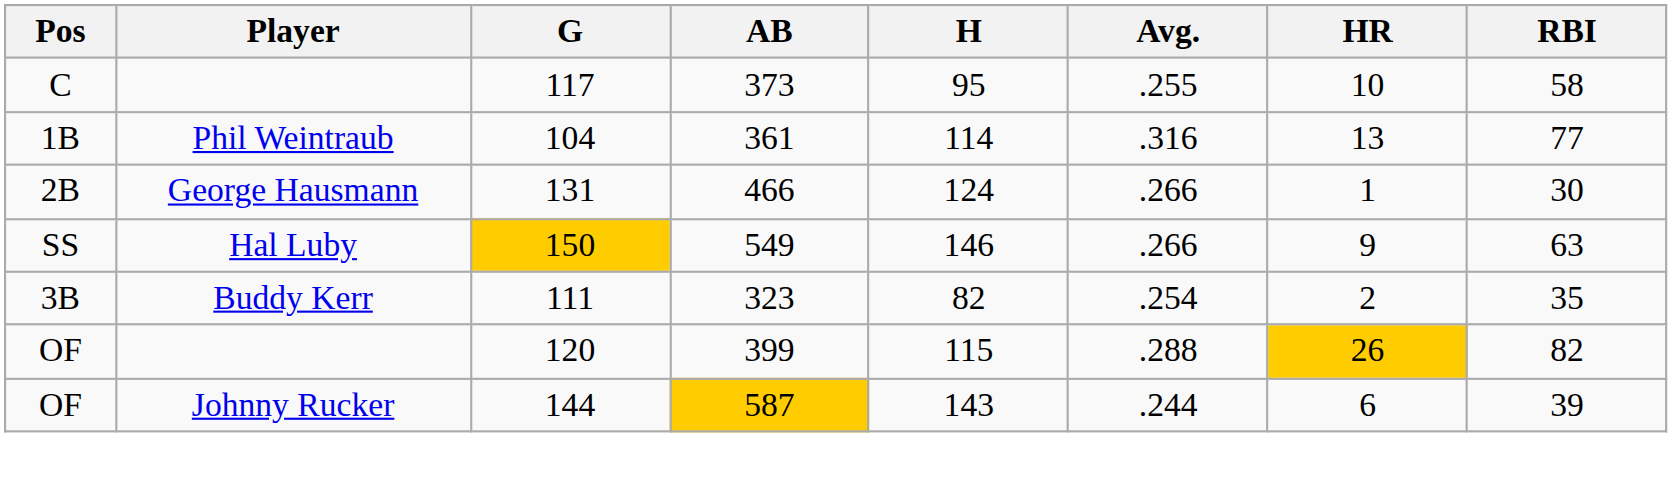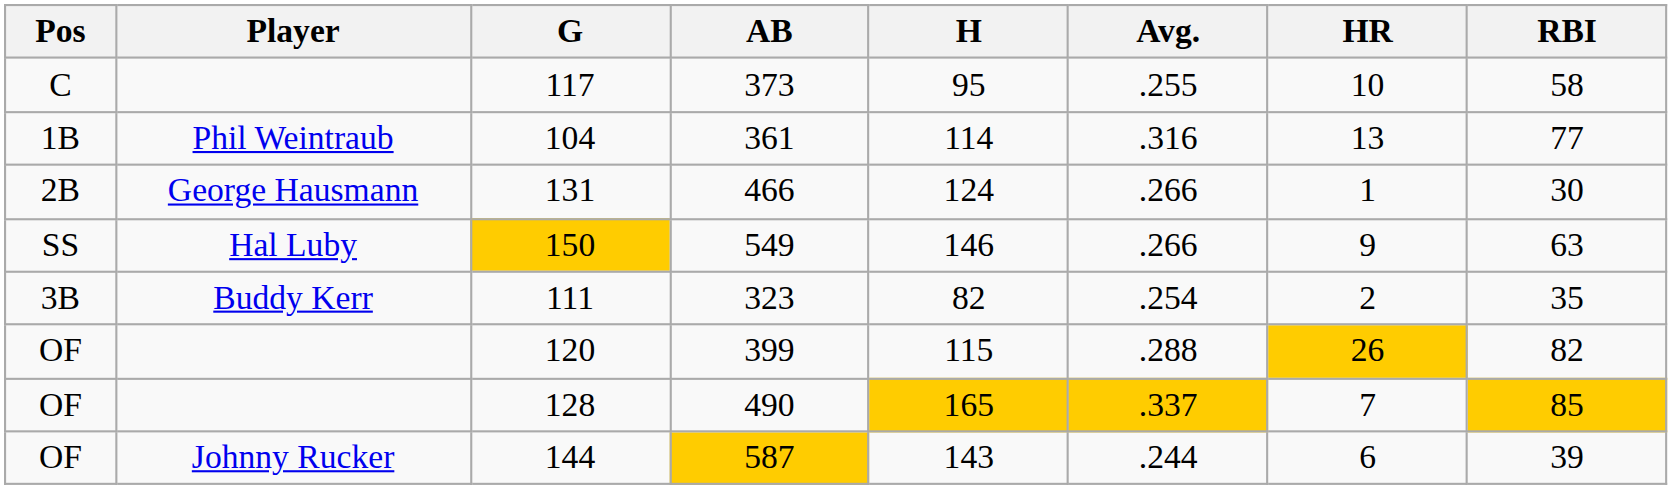 <table class="wikitable sortable">
 <tr>
 <th bgcolor="#DDDDFF" width="5%">Pos</th>
 <th bgcolor="#DDDDFF" width="16%">Player</th>
 <th bgcolor="#DDDDFF" width="9%">G</th>
 <th bgcolor="#DDDDFF" width="9%">AB</th>
 <th bgcolor="#DDDDFF" width="9%">H</th>
 <th bgcolor="#DDDDFF" width="9%">Avg.</th>
 <th bgcolor="#DDDDFF" width="9%">HR</th>
 <th bgcolor="#DDDDFF" width="9%">RBI</th>
 </tr>
 <tr align="center">
 <td>C</td>
 <td></td>
 <td>117</td>
 <td>373</td>
 <td>95</td>
 <td>.255</td>
 <td>10</td>
 <td>58</td>
 </tr>
 <tr align="center">
 <td>1B</td>
 <td><a href='#'>Phil Weintraub</a></td>
 <td>104</td>
 <td>361</td>
 <td>114</td>
 <td>.316</td>
 <td>13</td>
 <td>77</td>
 </tr>
 <tr align=center>
 <td>2B</td>
 <td><a href='#'>George Hausmann</a></td>
 <td>131</td>
 <td>466</td>
 <td>124</td>
 <td>.266</td>
 <td>1</td>
 <td>30</td>
 </tr>
 <tr align=center>
 <td>SS</td>
 <td><a href='#'>Hal Luby</a></td>
 <td style="background:#fc0;">150</td>
 <td>549</td>
 <td>146</td>
 <td>.266</td>
 <td>9</td>
 <td>63</td>
 </tr>
 <tr align=center>
 <td>3B</td>
 <td><a href='#'>Buddy Kerr</a></td>
 <td>111</td>
 <td>323</td>
 <td>82</td>
 <td>.254</td>
 <td>2</td>
 <td>35</td>
 </tr>
 <tr align=center>
 <td>OF</td>
 <td></td>
 <td>120</td>
 <td>399</td>
 <td>115</td>
 <td>.288</td>
 <td style="background:#fc0;">26</td>
 <td>82</td>
 </tr>
 <tr align="center">
 <td>OF</td>
+<td></td>
+<td>128</td>
+<td>490</td>
+<td style="background:#fc0;">165</td>
+<td style="background:#fc0;">.337</td>
+<td>7</td>
+<td style="background:#fc0;">85</td>
+</tr>
+<tr align="center">
+<td>OF</td>
 <td><a href='#'>Johnny Rucker</a></td>
 <td>144</td>
 <td style="background:#fc0;">587</td>
 <td>143</td>
 <td>.244</td>
 <td>6</td>
 <td>39</td>
 </tr>
 </table>
